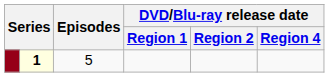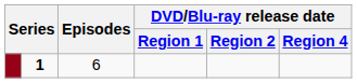 <table class="wikitable">
 <tr>
 <th colspan="2" rowspan="2">Series</th>
 <th rowspan="2">Episodes</th>
 <th colspan="3"><a href='#'>DVD</a>/<a href='#'>Blu-ray</a> release date</th>
 </tr>
 <tr>
 <th><a href='#'>Region 1</a></th>
 <th><a href='#'>Region 2</a></th>
 <th><a href='#'>Region 4</a></th>
 </tr>
 <tr>
 <td bgcolor="960018"></td>
-<td align="center" style="background: lightyellow;"><strong>1</strong></td>
-<td align="center">5</td>
+<td align="center"><strong>1</strong></td>
+<td align="center">6</td>
 <td></td>
 <td></td>
 <td></td>
 </tr>
 </table>
